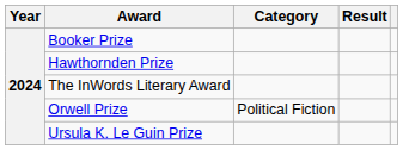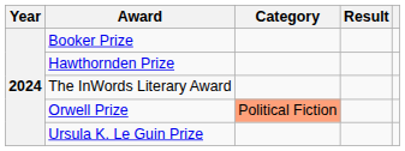 <table class="wikitable sortable">
 <tr>
 <th>Year</th>
 <th>Award</th>
 <th>Category</th>
 <th>Result</th>
 <th></th>
 </tr>
 <tr>
 <th rowspan="5">2024</th>
 <td><a href='#'>Booker Prize</a></td>
 <td></td>
 <td></td>
 <td></td>
 </tr>
 <tr>
 <td><a href='#'>Hawthornden Prize</a></td>
 <td></td>
 <td></td>
 <td></td>
 </tr>
 <tr>
 <td>The InWords Literary Award</td>
 <td></td>
 <td></td>
 <td></td>
 </tr>
 <tr>
 <td><a href='#'>Orwell Prize</a></td>
-<td>Political Fiction</td>
+<td style="background: lightsalmon;">Political Fiction</td>
 <td></td>
 <td></td>
 </tr>
 <tr>
 <td><a href='#'>Ursula K. Le Guin Prize</a></td>
 <td></td>
 <td></td>
 <td></td>
 </tr>
 </table>
